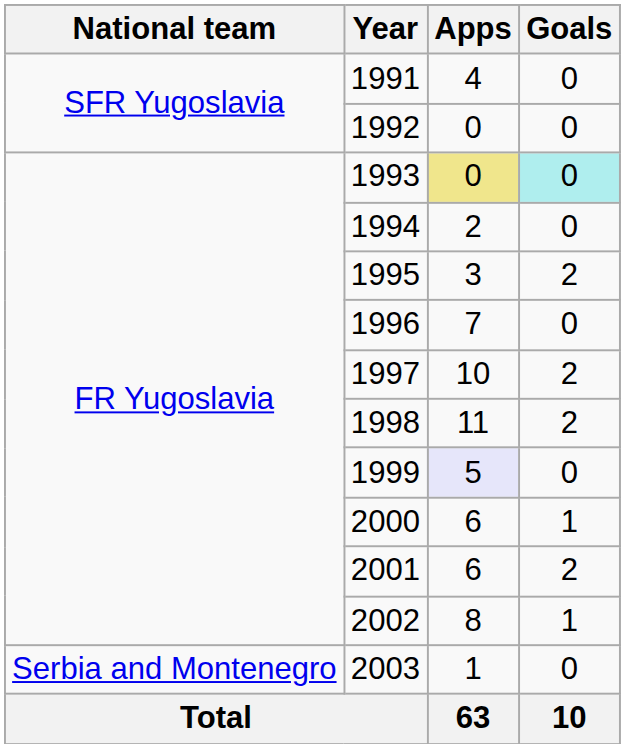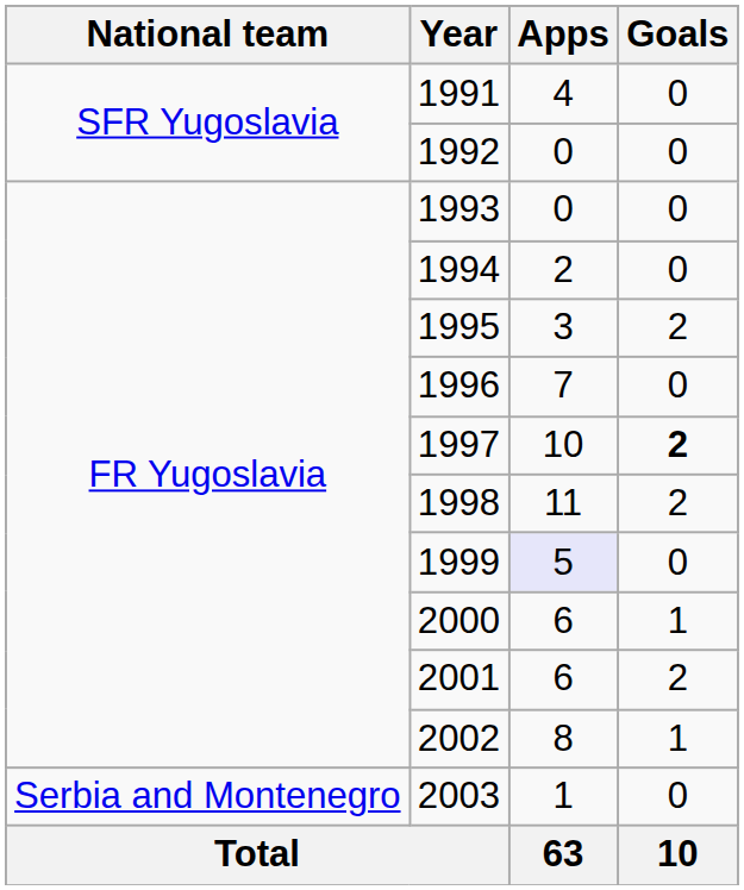 <table class="wikitable" style="text-align:center">
 <tr>
 <th>National team</th>
 <th>Year</th>
 <th>Apps</th>
 <th>Goals</th>
 </tr>
 <tr>
 <td rowspan="2"><a href='#'>SFR Yugoslavia</a></td>
 <td>1991</td>
 <td>4</td>
 <td>0</td>
 </tr>
 <tr>
 <td>1992</td>
 <td>0</td>
 <td>0</td>
 </tr>
 <tr>
 <td rowspan="10"><a href='#'>FR Yugoslavia</a></td>
 <td>1993</td>
-<td style="background: khaki;">0</td>
-<td style="background: paleturquoise;">0</td>
+<td>0</td>
+<td>0</td>
 </tr>
 <tr>
 <td>1994</td>
 <td>2</td>
 <td>0</td>
 </tr>
 <tr>
 <td>1995</td>
 <td>3</td>
 <td>2</td>
 </tr>
 <tr>
 <td>1996</td>
 <td>7</td>
 <td>0</td>
 </tr>
 <tr>
 <td>1997</td>
 <td>10</td>
-<td>2</td>
+<td><strong>2</strong></td>
 </tr>
 <tr>
 <td>1998</td>
 <td>11</td>
 <td>2</td>
 </tr>
 <tr>
 <td>1999</td>
 <td style="background: lavender;">5</td>
 <td>0</td>
 </tr>
 <tr>
 <td>2000</td>
 <td>6</td>
 <td>1</td>
 </tr>
 <tr>
 <td>2001</td>
 <td>6</td>
 <td>2</td>
 </tr>
 <tr>
 <td>2002</td>
 <td>8</td>
 <td>1</td>
 </tr>
 <tr>
 <td><a href='#'>Serbia and Montenegro</a></td>
 <td>2003</td>
 <td>1</td>
 <td>0</td>
 </tr>
 <tr>
 <th colspan="2">Total</th>
 <th>63</th>
 <th>10</th>
 </tr>
 </table>
